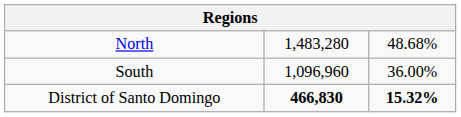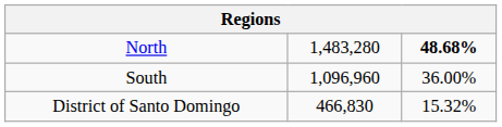 <table class="wikitable" id="cx9" style="text-align:center;clear:all; margin-right:8px; font-size:85%;" width="24%">
 <tr>
 <th colspan="8">Regions</th>
 </tr>
 <tr>
 <td><a href='#'>North</a></td>
 <td align="center">1,483,280</td>
-<td align="center">48.68%</td>
+<td align="center"><strong>48.68%</strong></td>
 </tr>
 <tr>
 <td>South</td>
 <td align="center">1,096,960</td>
 <td align="center">36.00%</td>
 </tr>
 <tr>
 <td>District of Santo Domingo</td>
-<td align="center"><strong>466,830</strong></td>
-<td align="center"><strong>15.32%</strong></td>
+<td align="center">466,830</td>
+<td align="center">15.32%</td>
 </tr>
 </table>
